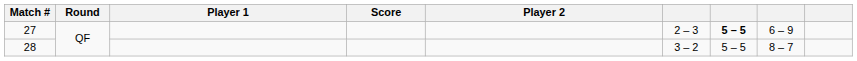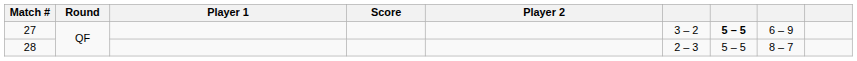 <table class="wikitable">
 <tr>
 <th width="2%">Match #</th>
 <th width="2%">Round</th>
 <th width="15%">Player 1</th>
 <th width="5%">Score</th>
 <th width="15%">Player 2</th>
 <th width="3%"></th>
 <th width="3%"></th>
 <th width="3%"></th>
 <th width="3%"></th>
 </tr>
 <tr style=text-align:center;"background:#;">
 <td>27</td>
 <td rowspan=2>QF</td>
 <td></td>
 <td></td>
 <td><strong></strong></td>
-<td>2 – 3</td>
+<td>3 – 2</td>
 <td><strong>5 – 5</strong></td>
 <td>6 – 9</td>
 <td></td>
 </tr>
 <tr style=text-align:center;"background:#;">
 <td>28</td>
 <td></td>
 <td></td>
 <td><strong></strong></td>
-<td>3 – 2</td>
+<td>2 – 3</td>
 <td>5 – 5</td>
 <td>8 – 7</td>
 <td></td>
 </tr>
 </table>
